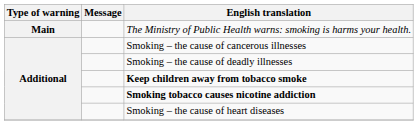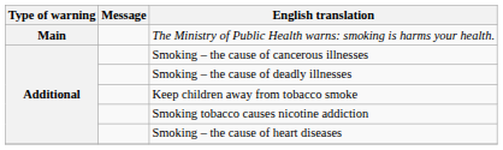 <table class="wikitable">
 <tr>
 <th>Type of warning</th>
 <th>Message</th>
 <th>English translation</th>
 </tr>
 <tr>
 <th>Main</th>
 <td></td>
 <td><em>The Ministry of Public Health warns: smoking is harms your health.</em></td>
 </tr>
 <tr>
 <th rowspan=5>Additional</th>
 <td></td>
 <td>Smoking – the cause of cancerous illnesses</td>
 </tr>
 <tr>
 <td></td>
 <td>Smoking – the cause of deadly illnesses</td>
 </tr>
 <tr>
 <td></td>
-<td><strong>Keep children away from tobacco smoke</strong></td>
+<td>Keep children away from tobacco smoke</td>
 </tr>
 <tr>
 <td></td>
-<td><strong>Smoking tobacco causes nicotine addiction</strong></td>
+<td>Smoking tobacco causes nicotine addiction</td>
 </tr>
 <tr>
 <td></td>
 <td>Smoking – the cause of heart diseases</td>
 </tr>
 <tr>
 </tr>
 </table>
